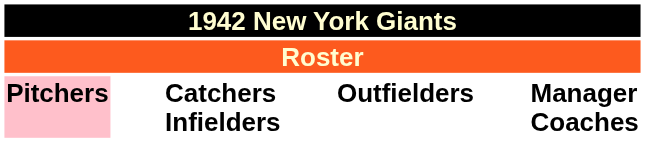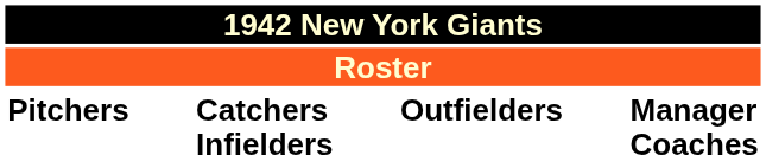 <table class="toccolours" style="font-size: 95%;">
 <tr>
 <th colspan="10" style="background-color: black; color: #FFFDD0; text-align: center;">1942 New York Giants</th>
 </tr>
 <tr>
 <td colspan="10" style="background-color: #fd5a1e; color: #FFFDD0; text-align: center;"><strong>Roster</strong></td>
 </tr>
 <tr>
-<td valign="top" style="background: pink;"><strong>Pitchers</strong><br>            </td>
+<td valign="top"><strong>Pitchers</strong><br>            </td>
 <td width="25px"></td>
 <td valign="top"><strong>Catchers</strong><br>    <strong>Infielders</strong>       </td>
 <td width="25px"></td>
 <td valign="top"><strong>Outfielders</strong><br>      </td>
 <td width="25px"></td>
 <td valign="top"><strong>Manager</strong><br> <strong>Coaches</strong>  </td>
 </tr>
 </table>
